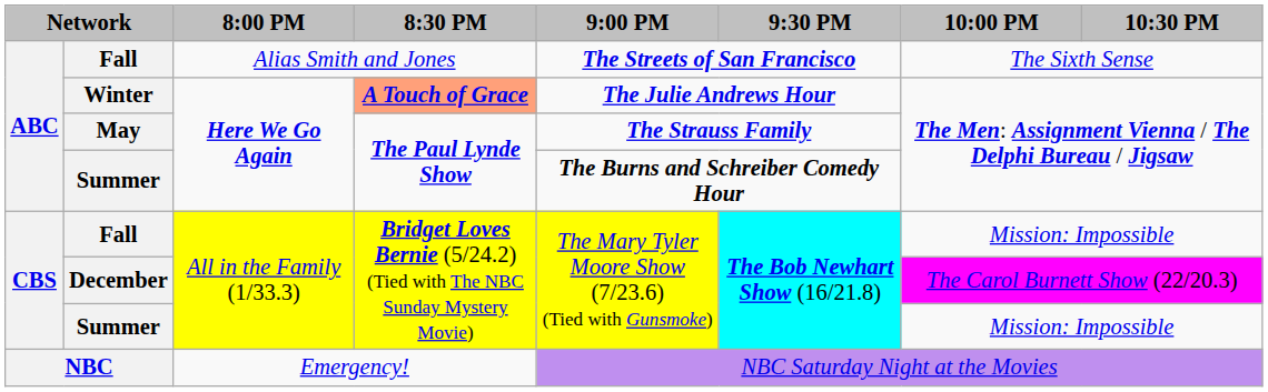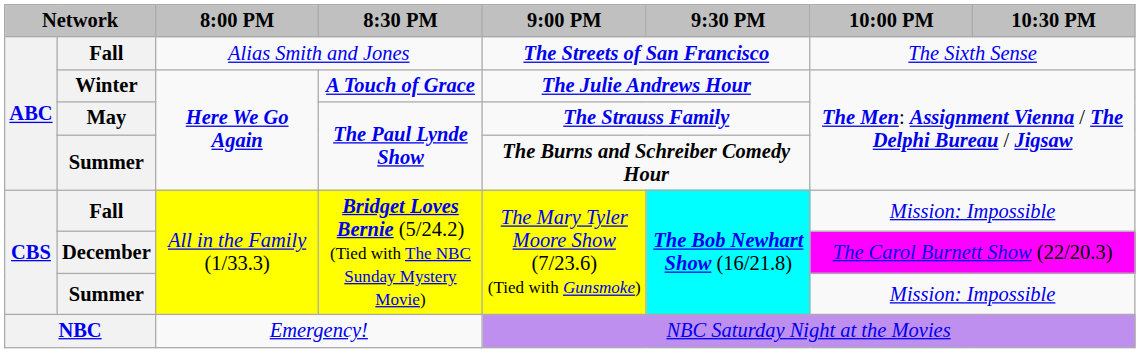 <table class="wikitable plainrowheaders" style="width:100%; margin:auto; text-align:center;">
 <tr>
 <th colspan="2" style="background-color:#C0C0C0;width:10%;">Network</th>
 <th style="background-color:#C0C0C0;width:15%;">8:00 PM</th>
 <th style="background-color:#C0C0C0;width:15%;">8:30 PM</th>
 <th style="background-color:#C0C0C0;width:15%;">9:00 PM</th>
 <th style="background-color:#C0C0C0;width:15%;">9:30 PM</th>
 <th style="background-color:#C0C0C0;width:15%;">10:00 PM</th>
 <th style="background-color:#C0C0C0;width:15%;">10:30 PM</th>
 </tr>
 <tr>
 <th rowspan="4"><a href='#'>ABC</a></th>
 <th>Fall</th>
 <td colspan="2"><em><a href='#'>Alias Smith and Jones</a></em></td>
 <td colspan="2"><strong><em><a href='#'>The Streets of San Francisco</a></em></strong></td>
 <td colspan="2"><em><a href='#'>The Sixth Sense</a></em></td>
 </tr>
 <tr>
 <th>Winter</th>
 <td rowspan="3"><strong><em><a href='#'>Here We Go Again</a></em></strong></td>
-<td style="background: lightsalmon;"><strong><em><a href='#'>A Touch of Grace</a></em></strong></td>
+<td><strong><em><a href='#'>A Touch of Grace</a></em></strong></td>
 <td colspan="2"><strong><em><a href='#'>The Julie Andrews Hour</a></em></strong></td>
 <td colspan="2" rowspan="3"><strong><em><a href='#'>The Men</a></em></strong>: <strong><em><a href='#'>Assignment Vienna</a></em></strong> / <strong><em><a href='#'>The Delphi Bureau</a></em></strong> / <strong><em><a href='#'>Jigsaw</a></em></strong></td>
 </tr>
 <tr>
 <th>May</th>
 <td rowspan="2"><strong><em><a href='#'>The Paul Lynde Show</a></em></strong></td>
 <td colspan="2"><strong><em><a href='#'>The Strauss Family</a></em></strong></td>
 </tr>
 <tr>
 <th>Summer</th>
 <td colspan="2"><strong><em>The Burns and Schreiber Comedy Hour</em></strong></td>
 </tr>
 <tr>
 <th rowspan="3"><a href='#'>CBS</a></th>
 <th>Fall</th>
 <td bgcolor="#FFFF00" rowspan="3"><em><a href='#'>All in the Family</a></em> (1/33.3)</td>
 <td bgcolor="#FFFF00" rowspan="3"><strong><em><a href='#'>Bridget Loves Bernie</a></em></strong> (5/24.2)<br><small>(Tied with <a href='#'>The NBC Sunday Mystery Movie</a>)</small></td>
 <td bgcolor="#FFFF00" rowspan="3"><em><a href='#'>The Mary Tyler Moore Show</a></em> (7/23.6)<br><small>(Tied with <em><a href='#'>Gunsmoke</a></em>)</small></td>
 <td bgcolor="#00FFFF" rowspan="3"><strong><em><a href='#'>The Bob Newhart Show</a></em></strong> (16/21.8)</td>
 <td colspan="2"><em><a href='#'>Mission: Impossible</a></em></td>
 </tr>
 <tr>
 <th>December</th>
 <td bgcolor="#FF00FF" colspan="2"><em><a href='#'>The Carol Burnett Show</a></em> (22/20.3)</td>
 </tr>
 <tr>
 <th>Summer</th>
 <td colspan="2"><em><a href='#'>Mission: Impossible</a></em></td>
 </tr>
 <tr>
 <th colspan="2"><a href='#'>NBC</a></th>
 <td colspan="2"><em><a href='#'>Emergency!</a></em></td>
 <td bgcolor="#bf8fef" colspan="4"><em><a href='#'>NBC Saturday Night at the Movies</a></em></td>
 </tr>
 </table>
